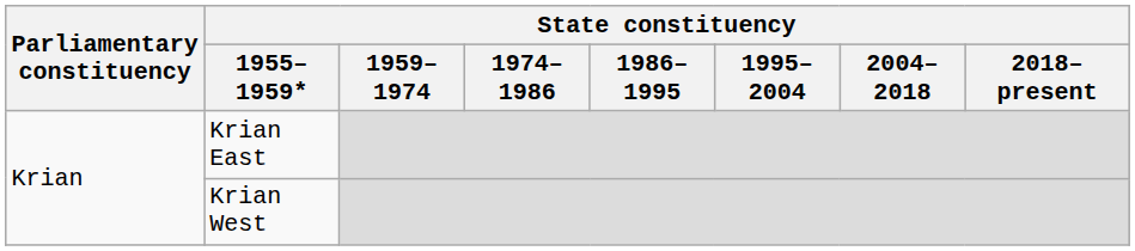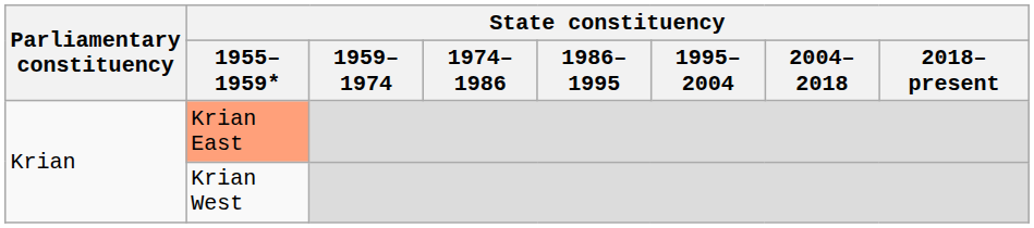 <table class="wikitable">
 <tr>
 <th rowspan="2">Parliamentary<br>constituency</th>
 <th colspan="7">State constituency</th>
 </tr>
 <tr>
 <th>1955–1959*</th>
 <th>1959–1974</th>
 <th>1974–1986</th>
 <th>1986–1995</th>
 <th>1995–2004</th>
 <th>2004–2018</th>
 <th>2018–present</th>
 </tr>
 <tr>
 <td rowspan="2">Krian</td>
-<td>Krian East</td>
+<td style="background: lightsalmon;">Krian East</td>
 <td colspan="6" bgcolor="dcdcdc"></td>
 </tr>
 <tr>
 <td>Krian West</td>
 <td colspan="6" bgcolor="dcdcdc"></td>
 </tr>
 </table>
